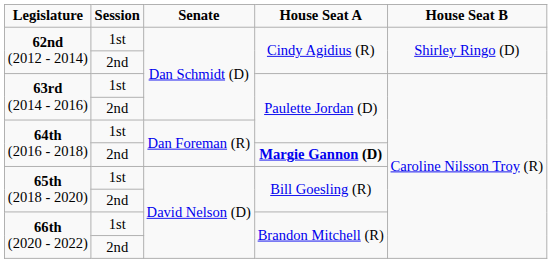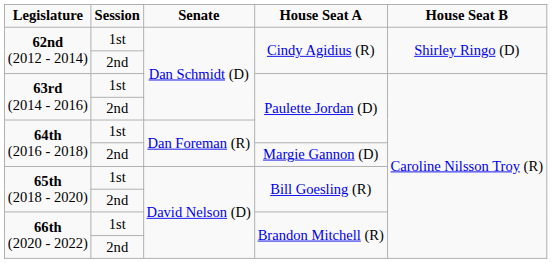 <table class=wikitable style="text-align:center">
 <tr>
 <td><strong>Legislature</strong></td>
 <td><strong>Session</strong></td>
 <td><strong>Senate</strong></td>
 <td><strong>House Seat A</strong></td>
 <td><strong>House Seat B</strong></td>
 </tr>
 <tr>
 <td rowspan="2" colspan="1" style="text-align: center;"><strong>62nd</strong> <br> (2012 - 2014)</td>
 <td>1st</td>
 <td rowspan="4" colspan="1" style="text-align: center;" ><a href='#'>Dan Schmidt</a> (D)</td>
 <td rowspan="2" colspan="1" style="text-align: center;" ><a href='#'>Cindy Agidius</a> (R)</td>
 <td rowspan="2" colspan="1" style="text-align: center;" ><a href='#'>Shirley Ringo</a> (D)</td>
 </tr>
 <tr>
 <td>2nd</td>
 </tr>
 <tr>
 <td rowspan="2" colspan="1" style="text-align: center;"><strong>63rd</strong> <br> (2014 - 2016)</td>
 <td>1st</td>
 <td rowspan="3" colspan="1" style="text-align: center;" ><a href='#'>Paulette Jordan</a> (D)</td>
 <td rowspan="8" colspan="1" style="text-align: center;" ><a href='#'>Caroline Nilsson Troy</a> (R)</td>
 </tr>
 <tr>
 <td>2nd</td>
 </tr>
 <tr>
 <td rowspan="2" colspan="1" style="text-align: center;"><strong>64th</strong> <br> (2016 - 2018)</td>
 <td>1st</td>
 <td rowspan="2" colspan="1" style="text-align: center;" ><a href='#'>Dan Foreman</a> (R)</td>
 </tr>
 <tr>
 <td>2nd</td>
-<td rowspan="1" colspan="1" style="text-align: center;" ><strong><a href='#'>Margie Gannon</a> (D)</strong></td>
+<td rowspan="1" colspan="1" style="text-align: center;" ><a href='#'>Margie Gannon</a> (D)</td>
 </tr>
 <tr>
 <td rowspan="2" colspan="1" style="text-align: center;"><strong>65th</strong> <br> (2018 - 2020)</td>
 <td>1st</td>
 <td rowspan="4" colspan="1" style="text-align: center;" ><a href='#'>David Nelson</a> (D)</td>
 <td rowspan="2" colspan="1" style="text-align: center;" ><a href='#'>Bill Goesling</a> (R)</td>
 </tr>
 <tr>
 <td>2nd</td>
 </tr>
 <tr>
 <td rowspan="2" colspan="1" style="text-align: center;"><strong>66th</strong> <br> (2020 - 2022)</td>
 <td>1st</td>
 <td rowspan="2" colspan="1" style="text-align: center;" ><a href='#'>Brandon Mitchell</a> (R)</td>
 </tr>
 <tr>
 <td>2nd</td>
 </tr>
 </table>
